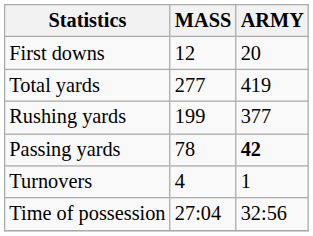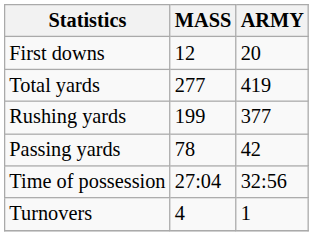 <table class="wikitable">
 <tr>
 <th>Statistics</th>
 <th>MASS</th>
 <th>ARMY</th>
 </tr>
 <tr>
 <td>First downs</td>
 <td>12</td>
 <td>20</td>
 </tr>
 <tr>
 <td>Total yards</td>
 <td>277</td>
 <td>419</td>
 </tr>
 <tr>
 <td>Rushing yards</td>
 <td>199</td>
 <td>377</td>
 </tr>
 <tr>
 <td>Passing yards</td>
 <td>78</td>
-<td><strong>42</strong></td>
+<td>42</td>
+</tr>
+<tr>
+<td>Time of possession</td>
+<td>27:04</td>
+<td>32:56</td>
 </tr>
 <tr>
 <td>Turnovers</td>
 <td>4</td>
 <td>1</td>
 </tr>
 <tr>
-<td>Time of possession</td>
-<td>27:04</td>
-<td>32:56</td>
-</tr>
-<tr>
 </tr>
 </table>
